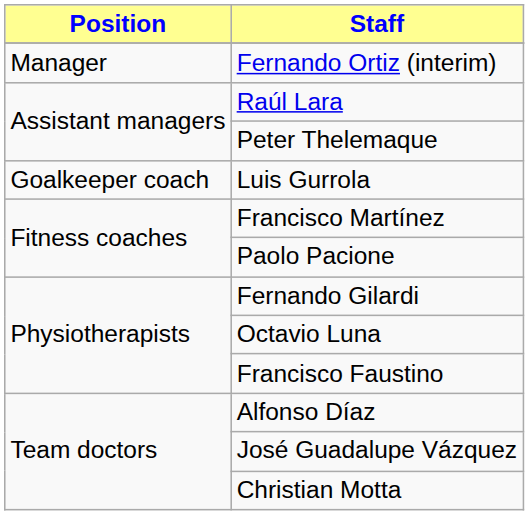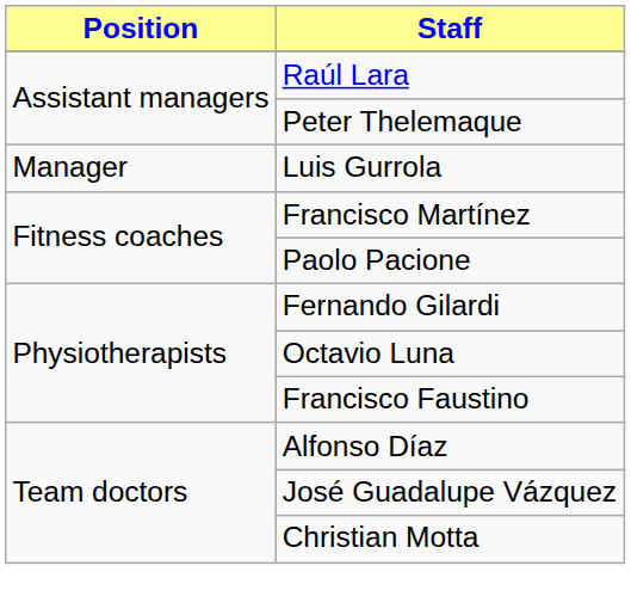 <table class="wikitable">
 <tr>
 <th style=background-color:#FFFF91;color:Blue>Position</th>
 <th style=background-color:#FFFF91;color:Blue>Staff</th>
 </tr>
 <tr>
-</tr>
-<tr>
-<td>Manager</td>
-<td> <a href='#'>Fernando Ortiz</a> (interim)</td>
 </tr>
 <tr>
 <td rowspan="2">Assistant managers</td>
 <td> <a href='#'>Raúl Lara</a></td>
 </tr>
 <tr>
 <td> Peter Thelemaque</td>
 </tr>
 <tr>
-<td>Goalkeeper coach</td>
+<td>Manager</td>
 <td> Luis Gurrola</td>
 </tr>
 <tr>
 <td rowspan="2">Fitness coaches</td>
 <td> Francisco Martínez</td>
 </tr>
 <tr>
 <td> Paolo Pacione</td>
 </tr>
 <tr>
 <td rowspan="3">Physiotherapists</td>
 <td> Fernando Gilardi</td>
 </tr>
 <tr>
 <td> Octavio Luna</td>
 </tr>
 <tr>
 <td> Francisco Faustino</td>
 </tr>
 <tr>
 <td rowspan="3 ">Team doctors</td>
 <td> Alfonso Díaz</td>
 </tr>
 <tr>
 <td> José Guadalupe Vázquez</td>
 </tr>
 <tr>
 <td> Christian Motta</td>
 </tr>
 </table>
